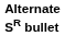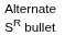 <table style="width:80px;">
 <tr>
 <td></td>
 </tr>
 <tr>
-<td><strong><div>Alternate S<sup>R</sup> bullet</div></strong></td>
+<td><div>Alternate S<sup>R</sup> bullet</div></td>
 </tr>
 </table>
